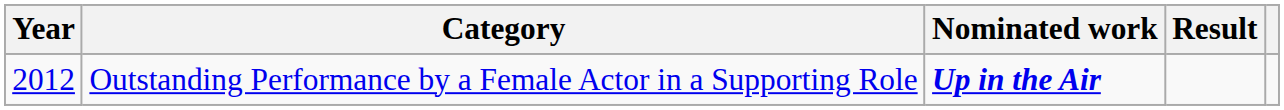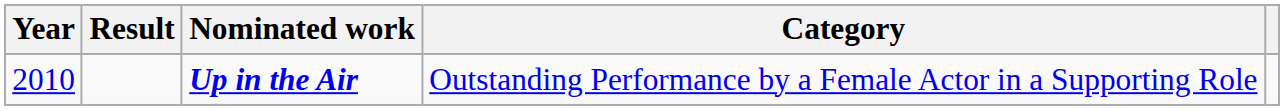 <table class="wikitable sortable">
 <tr>
 <th>Year</th>
+<th>Result</th>
+<th>Nominated work</th>
 <th>Category</th>
-<th>Nominated work</th>
-<th>Result</th>
 <th class="unsortable"></th>
 </tr>
 <tr>
-<td><a href='#'>2012</a></td>
+<td><a href='#'>2010</a></td>
+<td></td>
+<td><strong><em><a href='#'>Up in the Air</a></em></strong></td>
 <td><a href='#'>Outstanding Performance by a Female Actor in a Supporting Role</a></td>
-<td><strong><em><a href='#'>Up in the Air</a></em></strong></td>
-<td></td>
 <td style="text-align: center;"></td>
 </tr>
 </table>
